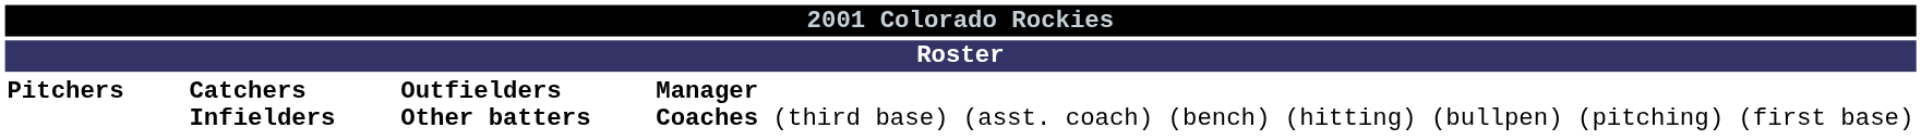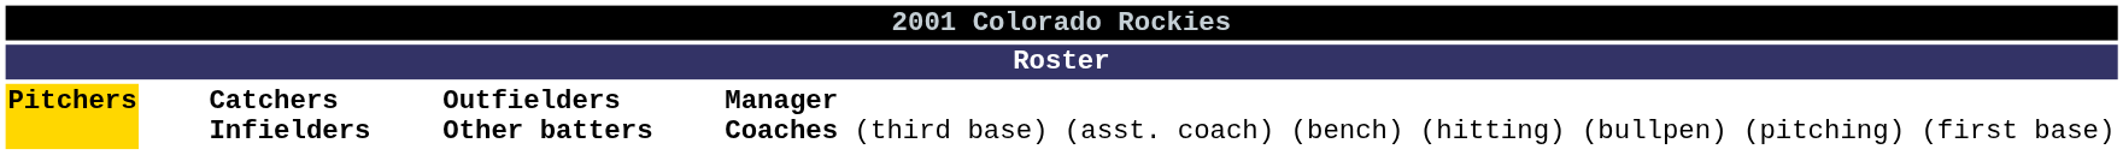 <table class="toccolours" style="font-size: 95%;">
 <tr>
 <th colspan="10" style="background:#000000; color:#C4CED4; text-align:center;">2001 Colorado Rockies</th>
 </tr>
 <tr>
 <td colspan="10" style="background:#333366; color:#FFFFFF; text-align:center;"><strong>Roster</strong></td>
 </tr>
 <tr>
-<td valign="top"><strong>Pitchers</strong><br>                         </td>
+<td valign="top" style="background: gold;"><strong>Pitchers</strong><br>                         </td>
 <td style="width:25px;"></td>
 <td valign="top"><strong>Catchers</strong><br>     <strong>Infielders</strong>       </td>
 <td style="width:25px;"></td>
 <td valign="top"><strong>Outfielders</strong><br>             <strong>Other batters</strong> </td>
 <td style="width:25px;"></td>
 <td valign="top"><strong>Manager</strong><br> <strong>Coaches</strong>  (third base)  (asst. coach)  (bench)  (hitting)  (bullpen)  (pitching)  (first base)</td>
 </tr>
 </table>
